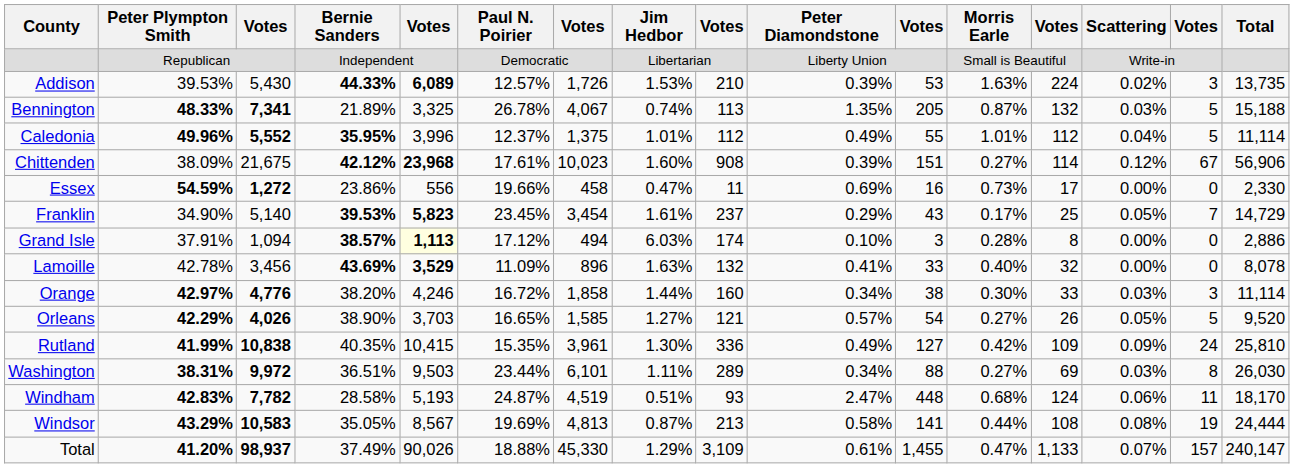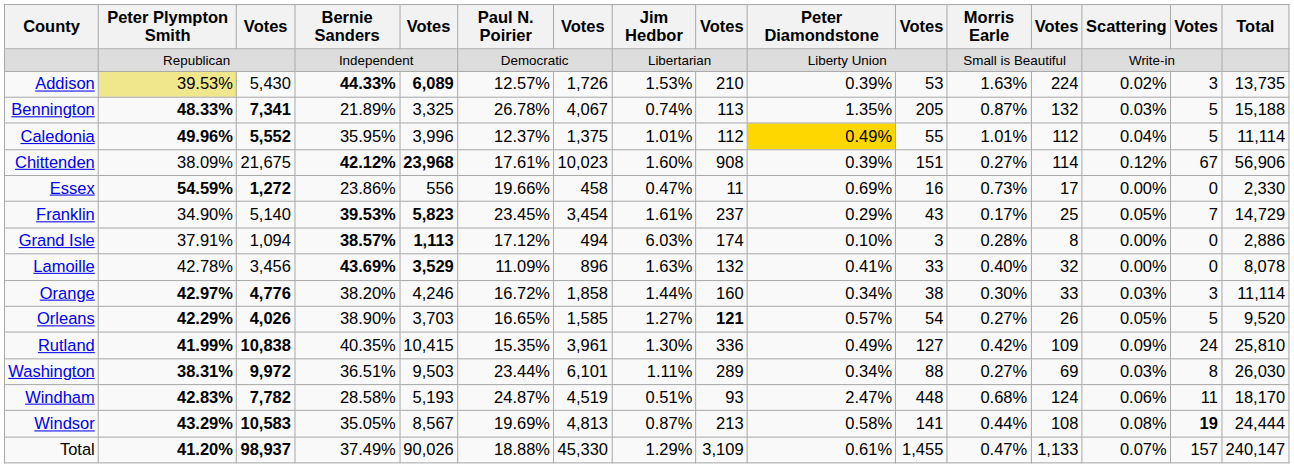 <table class="wikitable sortable">
 <tr>
 <th>County</th>
 <th>Peter Plympton Smith</th>
 <th>Votes</th>
 <th>Bernie Sanders</th>
 <th>Votes</th>
 <th>Paul N. Poirier</th>
 <th>Votes</th>
 <th>Jim Hedbor</th>
 <th>Votes</th>
 <th>Peter Diamondstone</th>
 <th>Votes</th>
 <th>Morris Earle</th>
 <th>Votes</th>
 <th>Scattering</th>
 <th>Votes</th>
 <th>Total</th>
 </tr>
 <tr style="background-color:#dddddd; font-size:small; text-align:center;">
 <td></td>
 <td colspan="2">Republican</td>
 <td colspan="2">Independent</td>
 <td colspan="2">Democratic</td>
 <td colspan="2">Libertarian</td>
 <td colspan="2">Liberty Union</td>
 <td colspan="2">Small is Beautiful</td>
 <td colspan="2">Write-in</td>
 <td></td>
 </tr>
 <tr style="text-align:right;">
 <td><a href='#'>Addison</a></td>
-<td>39.53%</td>
+<td style="background: khaki;">39.53%</td>
 <td>5,430</td>
 <td><strong>44.33%</strong></td>
 <td><strong>6,089</strong></td>
 <td>12.57%</td>
 <td>1,726</td>
 <td>1.53%</td>
 <td>210</td>
 <td>0.39%</td>
 <td>53</td>
 <td>1.63%</td>
 <td>224</td>
 <td>0.02%</td>
 <td>3</td>
 <td>13,735</td>
 </tr>
 <tr style="text-align:right;">
 <td><a href='#'>Bennington</a></td>
 <td><strong>48.33%</strong></td>
 <td><strong>7,341</strong></td>
 <td>21.89%</td>
 <td>3,325</td>
 <td>26.78%</td>
 <td>4,067</td>
 <td>0.74%</td>
 <td>113</td>
 <td>1.35%</td>
 <td>205</td>
 <td>0.87%</td>
 <td>132</td>
 <td>0.03%</td>
 <td>5</td>
 <td>15,188</td>
 </tr>
 <tr style="text-align:right;">
 <td><a href='#'>Caledonia</a></td>
 <td><strong>49.96%</strong></td>
 <td><strong>5,552</strong></td>
-<td><strong>35.95%</strong></td>
+<td>35.95%</td>
 <td>3,996</td>
 <td>12.37%</td>
 <td>1,375</td>
 <td>1.01%</td>
 <td>112</td>
-<td>0.49%</td>
+<td style="background: gold;">0.49%</td>
 <td>55</td>
 <td>1.01%</td>
 <td>112</td>
 <td>0.04%</td>
 <td>5</td>
 <td>11,114</td>
 </tr>
 <tr style="text-align:right;">
 <td><a href='#'>Chittenden</a></td>
 <td>38.09%</td>
 <td>21,675</td>
 <td><strong>42.12%</strong></td>
 <td><strong>23,968</strong></td>
 <td>17.61%</td>
 <td>10,023</td>
 <td>1.60%</td>
 <td>908</td>
 <td>0.39%</td>
 <td>151</td>
 <td>0.27%</td>
 <td>114</td>
 <td>0.12%</td>
 <td>67</td>
 <td>56,906</td>
 </tr>
 <tr style="text-align:right;">
 <td><a href='#'>Essex</a></td>
 <td><strong>54.59%</strong></td>
 <td><strong>1,272</strong></td>
 <td>23.86%</td>
 <td>556</td>
 <td>19.66%</td>
 <td>458</td>
 <td>0.47%</td>
 <td>11</td>
 <td>0.69%</td>
 <td>16</td>
 <td>0.73%</td>
 <td>17</td>
 <td>0.00%</td>
 <td>0</td>
 <td>2,330</td>
 </tr>
 <tr style="text-align:right;">
 <td><a href='#'>Franklin</a></td>
 <td>34.90%</td>
 <td>5,140</td>
 <td><strong>39.53%</strong></td>
 <td><strong>5,823</strong></td>
 <td>23.45%</td>
 <td>3,454</td>
 <td>1.61%</td>
 <td>237</td>
 <td>0.29%</td>
 <td>43</td>
 <td>0.17%</td>
 <td>25</td>
 <td>0.05%</td>
 <td>7</td>
 <td>14,729</td>
 </tr>
 <tr style="text-align:right;">
 <td><a href='#'>Grand Isle</a></td>
 <td>37.91%</td>
 <td>1,094</td>
 <td><strong>38.57%</strong></td>
-<td style="background: lightyellow;"><strong>1,113</strong></td>
+<td><strong>1,113</strong></td>
 <td>17.12%</td>
 <td>494</td>
 <td>6.03%</td>
 <td>174</td>
 <td>0.10%</td>
 <td>3</td>
 <td>0.28%</td>
 <td>8</td>
 <td>0.00%</td>
 <td>0</td>
 <td>2,886</td>
 </tr>
 <tr style="text-align:right;">
 <td><a href='#'>Lamoille</a></td>
 <td>42.78%</td>
 <td>3,456</td>
 <td><strong>43.69%</strong></td>
 <td><strong>3,529</strong></td>
 <td>11.09%</td>
 <td>896</td>
 <td>1.63%</td>
 <td>132</td>
 <td>0.41%</td>
 <td>33</td>
 <td>0.40%</td>
 <td>32</td>
 <td>0.00%</td>
 <td>0</td>
 <td>8,078</td>
 </tr>
 <tr style="text-align:right;">
 <td><a href='#'>Orange</a></td>
 <td><strong>42.97%</strong></td>
 <td><strong>4,776</strong></td>
 <td>38.20%</td>
 <td>4,246</td>
 <td>16.72%</td>
 <td>1,858</td>
 <td>1.44%</td>
 <td>160</td>
 <td>0.34%</td>
 <td>38</td>
 <td>0.30%</td>
 <td>33</td>
 <td>0.03%</td>
 <td>3</td>
 <td>11,114</td>
 </tr>
 <tr style="text-align:right;">
 <td><a href='#'>Orleans</a></td>
 <td><strong>42.29%</strong></td>
 <td><strong>4,026</strong></td>
 <td>38.90%</td>
 <td>3,703</td>
 <td>16.65%</td>
 <td>1,585</td>
 <td>1.27%</td>
-<td>121</td>
+<td><strong>121</strong></td>
 <td>0.57%</td>
 <td>54</td>
 <td>0.27%</td>
 <td>26</td>
 <td>0.05%</td>
 <td>5</td>
 <td>9,520</td>
 </tr>
 <tr style="text-align:right;">
 <td><a href='#'>Rutland</a></td>
 <td><strong>41.99%</strong></td>
 <td><strong>10,838</strong></td>
 <td>40.35%</td>
 <td>10,415</td>
 <td>15.35%</td>
 <td>3,961</td>
 <td>1.30%</td>
 <td>336</td>
 <td>0.49%</td>
 <td>127</td>
 <td>0.42%</td>
 <td>109</td>
 <td>0.09%</td>
 <td>24</td>
 <td>25,810</td>
 </tr>
 <tr style="text-align:right;">
 <td><a href='#'>Washington</a></td>
 <td><strong>38.31%</strong></td>
 <td><strong>9,972</strong></td>
 <td>36.51%</td>
 <td>9,503</td>
 <td>23.44%</td>
 <td>6,101</td>
 <td>1.11%</td>
 <td>289</td>
 <td>0.34%</td>
 <td>88</td>
 <td>0.27%</td>
 <td>69</td>
 <td>0.03%</td>
 <td>8</td>
 <td>26,030</td>
 </tr>
 <tr style="text-align:right;">
 <td><a href='#'>Windham</a></td>
 <td><strong>42.83%</strong></td>
 <td><strong>7,782</strong></td>
 <td>28.58%</td>
 <td>5,193</td>
 <td>24.87%</td>
 <td>4,519</td>
 <td>0.51%</td>
 <td>93</td>
 <td>2.47%</td>
 <td>448</td>
 <td>0.68%</td>
 <td>124</td>
 <td>0.06%</td>
 <td>11</td>
 <td>18,170</td>
 </tr>
 <tr style="text-align:right;">
 <td><a href='#'>Windsor</a></td>
 <td><strong>43.29%</strong></td>
 <td><strong>10,583</strong></td>
 <td>35.05%</td>
 <td>8,567</td>
 <td>19.69%</td>
 <td>4,813</td>
 <td>0.87%</td>
 <td>213</td>
 <td>0.58%</td>
 <td>141</td>
 <td>0.44%</td>
 <td>108</td>
 <td>0.08%</td>
-<td>19</td>
+<td><strong>19</strong></td>
 <td>24,444</td>
 </tr>
 <tr style="text-align:right;">
 <td>Total</td>
 <td><strong>41.20%</strong></td>
 <td><strong>98,937</strong></td>
 <td>37.49%</td>
 <td>90,026</td>
 <td>18.88%</td>
 <td>45,330</td>
 <td>1.29%</td>
 <td>3,109</td>
 <td>0.61%</td>
 <td>1,455</td>
 <td>0.47%</td>
 <td>1,133</td>
 <td>0.07%</td>
 <td>157</td>
 <td>240,147</td>
 </tr>
 </table>
